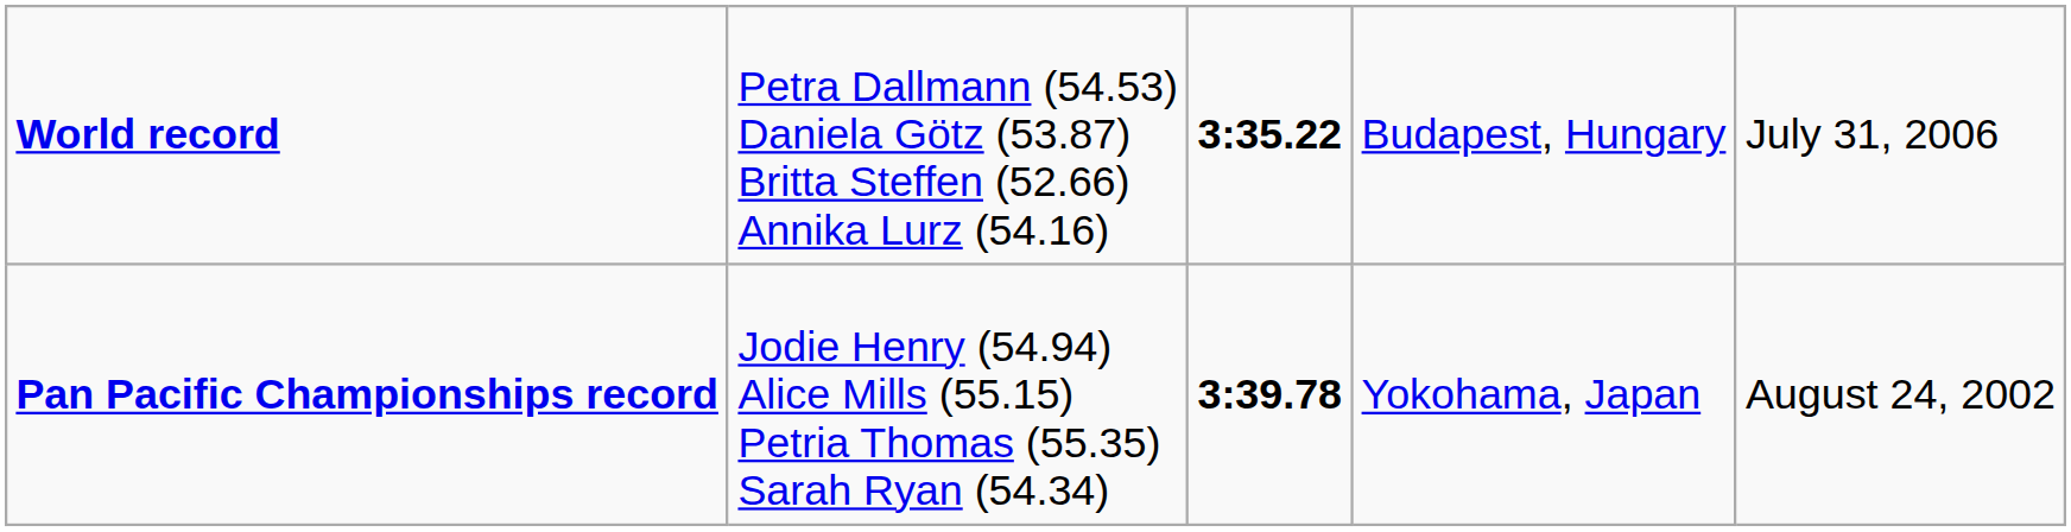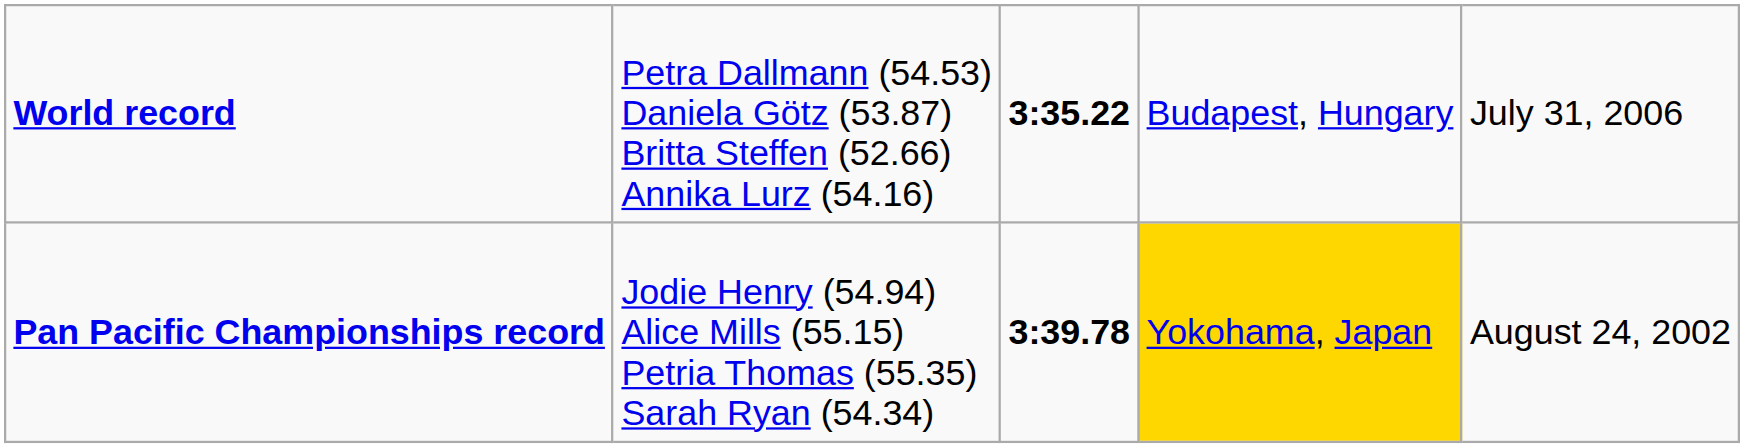 <table class="wikitable">
 <tr>
 <td><strong><a href='#'>World record</a></strong></td>
 <td><br><a href='#'>Petra Dallmann</a> (54.53)<br><a href='#'>Daniela Götz</a> (53.87)<br><a href='#'>Britta Steffen</a> (52.66)<br><a href='#'>Annika Lurz</a> (54.16)</td>
 <td><strong>3:35.22</strong></td>
 <td><a href='#'>Budapest</a>, <a href='#'>Hungary</a></td>
 <td>July 31, 2006</td>
 </tr>
 <tr>
 <td><strong><a href='#'>Pan Pacific Championships record</a></strong></td>
 <td><br><a href='#'>Jodie Henry</a> (54.94)<br><a href='#'>Alice Mills</a> (55.15)<br><a href='#'>Petria Thomas</a> (55.35)<br><a href='#'>Sarah Ryan</a> (54.34)</td>
 <td><strong>3:39.78</strong></td>
-<td><a href='#'>Yokohama</a>, <a href='#'>Japan</a></td>
+<td style="background: gold;"><a href='#'>Yokohama</a>, <a href='#'>Japan</a></td>
 <td>August 24, 2002</td>
 </tr>
 </table>
